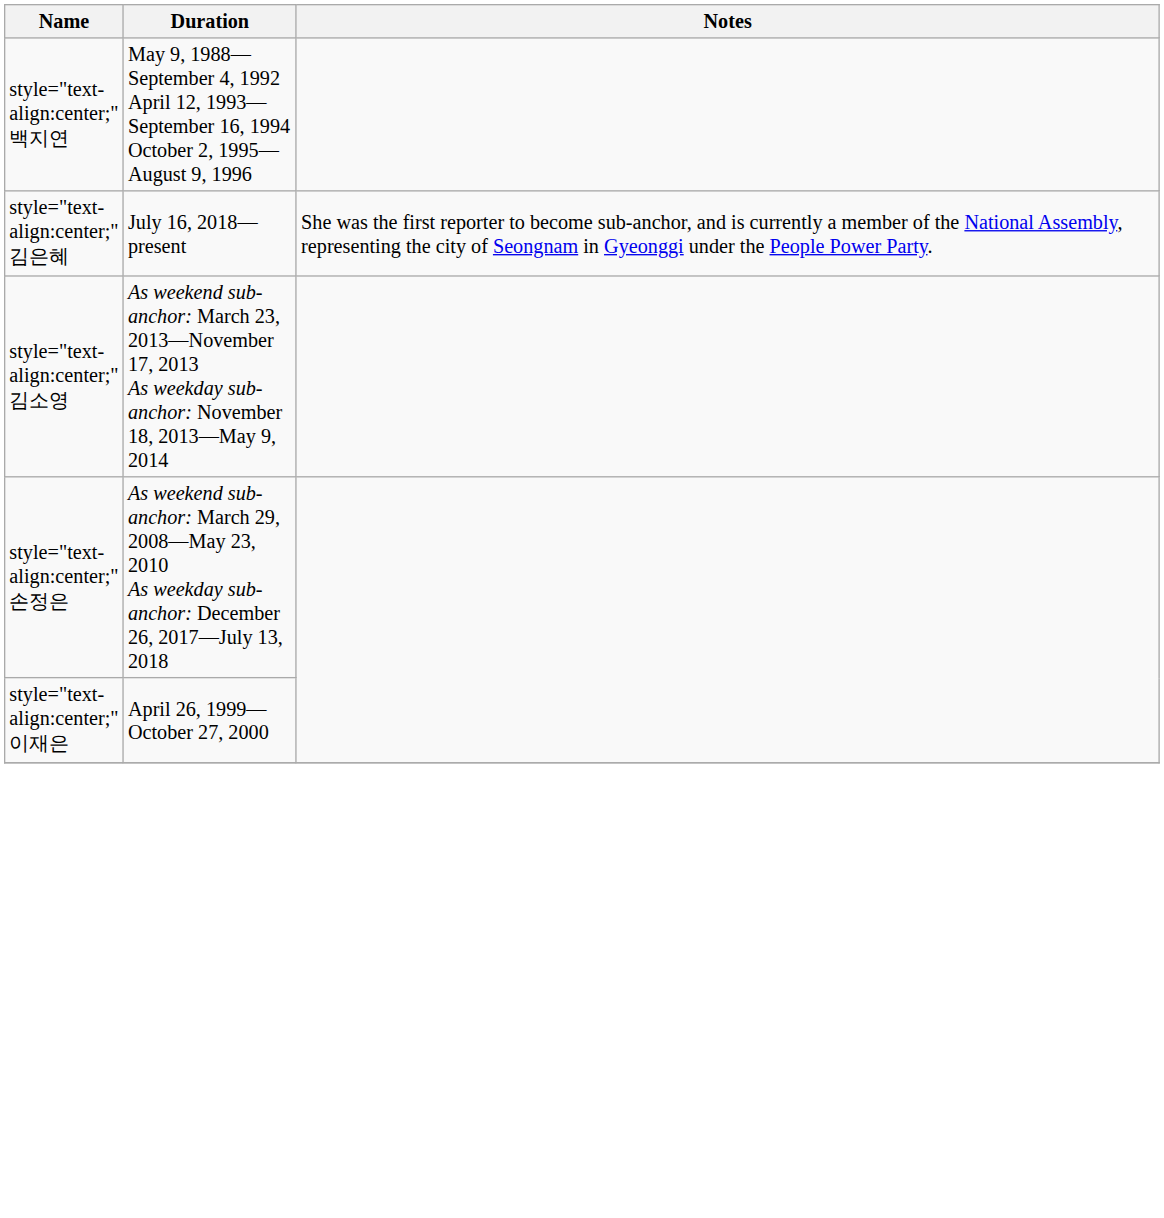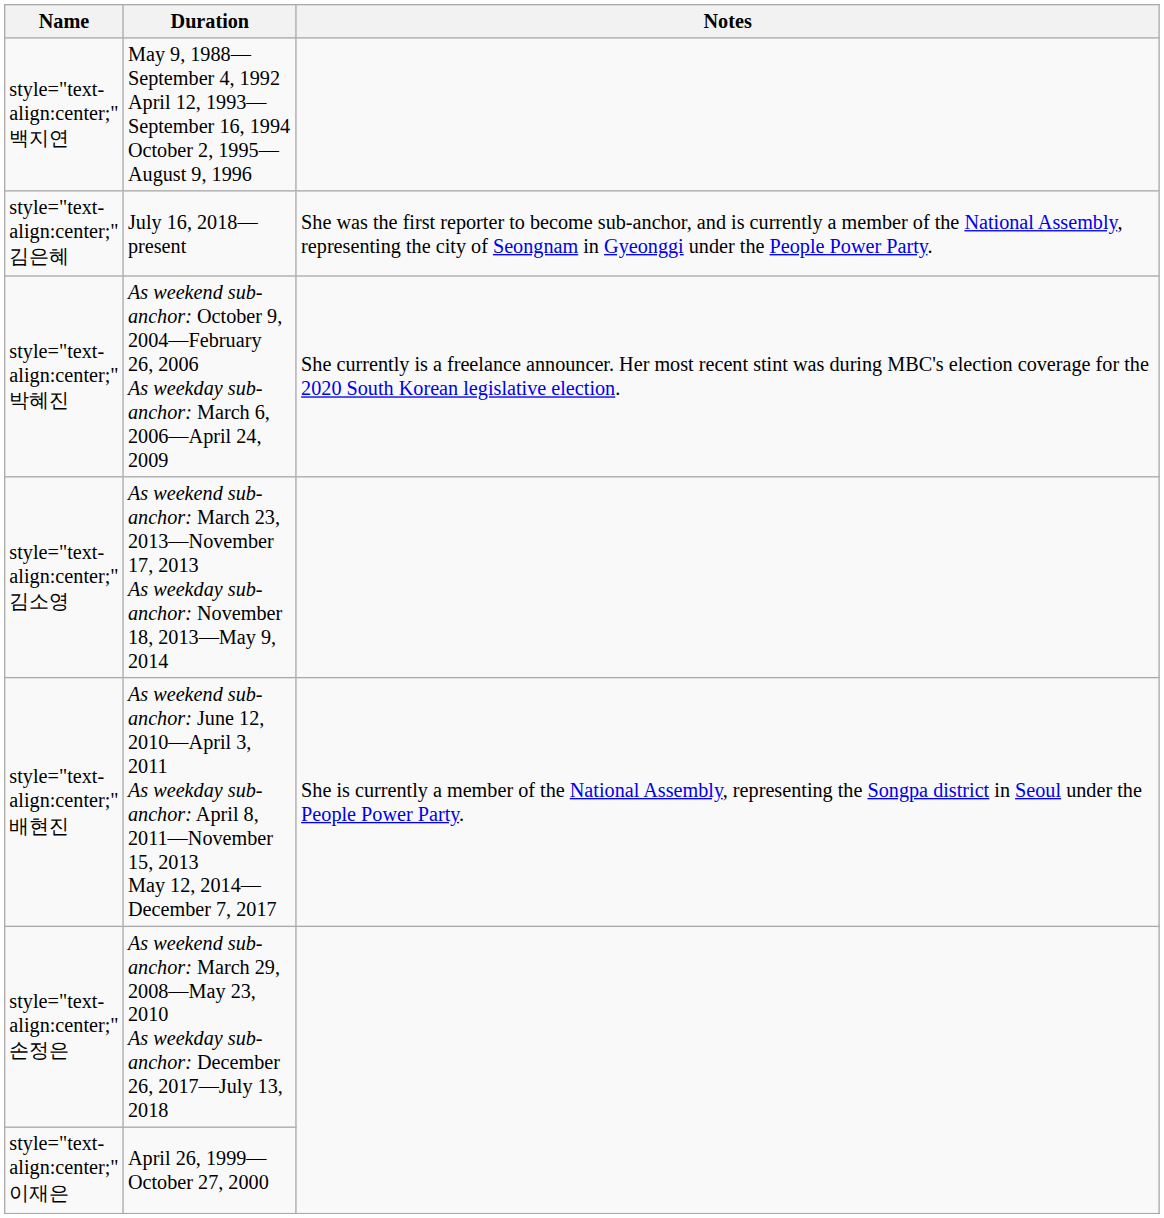 <table class="wikitable" style="font-size:95%">
 <tr>
 <th style="width:10%; text-align:center;">Name</th>
 <th style="width:15%; text-align:center;">Duration</th>
 <th>Notes</th>
 </tr>
 <tr>
 <td>style="text-align:center;" <br>백지연</td>
 <td>May 9, 1988—September 4, 1992<br>April 12, 1993—September 16, 1994<br>October 2, 1995—August 9, 1996</td>
 <td></td>
 </tr>
 <tr>
 <td>style="text-align:center;" <br>김은혜</td>
 <td>July 16, 2018—present</td>
 <td>She was the first reporter to become sub-anchor, and is currently a member of the <a href='#'>National Assembly</a>, representing the city of <a href='#'>Seongnam</a> in <a href='#'>Gyeonggi</a> under the <a href='#'>People Power Party</a>.</td>
 </tr>
 <tr>
+<td>style="text-align:center;" <br>박혜진</td>
+<td><em>As weekend sub-anchor:</em> October 9, 2004—February 26, 2006<br><em>As weekday sub-anchor:</em> March 6, 2006—April 24, 2009</td>
+<td>She currently is a freelance announcer. Her most recent stint was during MBC's election coverage for the <a href='#'>2020 South Korean legislative election</a>.</td>
+</tr>
+<tr>
 <td>style="text-align:center;" <br>김소영</td>
 <td><em>As weekend sub-anchor:</em> March 23, 2013—November 17, 2013<br><em>As weekday sub-anchor:</em> November 18, 2013—May 9, 2014</td>
 <td></td>
+</tr>
+<tr>
+<td>style="text-align:center;" <br>배현진</td>
+<td><em>As weekend sub-anchor:</em> June 12, 2010—April 3, 2011<br><em>As weekday sub-anchor:</em> April 8, 2011—November 15, 2013<br>May 12, 2014—December 7, 2017</td>
+<td>She is currently a member of the <a href='#'>National Assembly</a>, representing the <a href='#'>Songpa district</a> in <a href='#'>Seoul</a> under the <a href='#'>People Power Party</a>.</td>
 </tr>
 <tr>
 <td>style="text-align:center;" <br>손정은</td>
 <td><em>As weekend sub-anchor:</em> March 29, 2008—May 23, 2010<br><em>As weekday sub-anchor:</em> December 26, 2017—July 13, 2018</td>
 <td rowspan="2"></td>
 </tr>
 <tr>
 <td>style="text-align:center;" <br>이재은</td>
 <td>April 26, 1999—October 27, 2000</td>
 </tr>
 <tr>
 </tr>
 </table>
